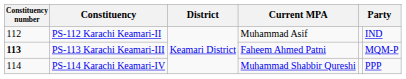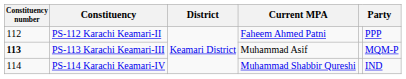 <table class="wikitable">
 <tr>
 <th width="50px" style="font-size:75%">Constituency number</th>
 <th>Constituency</th>
 <th>District</th>
 <th>Current MPA</th>
 <th colspan="2">Party</th>
 </tr>
 <tr>
 <td>112</td>
 <td><a href='#'>PS-112 Karachi Keamari-II</a></td>
 <td rowspan="3"><a href='#'>Keamari District</a></td>
-<td>Muhammad Asif</td>
+<td><a href='#'>Faheem Ahmed Patni</a></td>
 <td></td>
-<td><a href='#'>IND</a></td>
+<td><a href='#'>PPP</a></td>
 </tr>
 <tr>
 <td><strong>113</strong></td>
 <td><a href='#'>PS-113 Karachi Keamari-III</a></td>
-<td><a href='#'>Faheem Ahmed Patni</a></td>
+<td>Muhammad Asif</td>
 <td></td>
 <td><a href='#'>MQM-P</a></td>
 </tr>
 <tr>
 <td>114</td>
 <td><a href='#'>PS-114 Karachi Keamari-IV</a></td>
 <td><a href='#'>Muhammad Shabbir Qureshi</a></td>
 <td></td>
-<td><a href='#'>PPP</a></td>
+<td><a href='#'>IND</a></td>
 </tr>
 </table>
